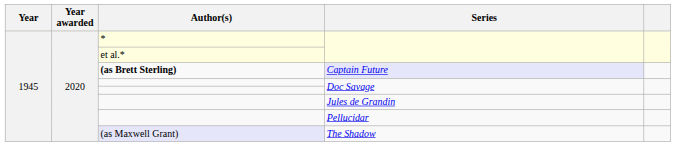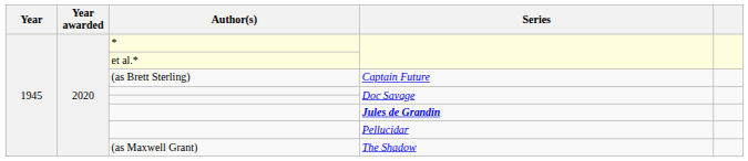 <table class="sortable wikitable" width="85%" cellpadding="5" style="margin: 1em auto 1em auto">
 <tr>
 <th width="7%" scope="col">Year</th>
 <th width="7%" scope="col">Year awarded</th>
 <th width="34%" scope="col">Author(s)</th>
 <th width="48%" scope="col">Series</th>
 <th width="4%" scope="col" class="unsortable"></th>
 </tr>
 <tr style="background:lightyellow;">
 <th scope="rowgroup" align="center" rowspan="8" style="font-weight:normal;">1945</th>
 <th align="center" rowspan="8" style="font-weight:normal;">2020</th>
 <td>*</td>
 <td rowspan="2"></td>
 <td rowspan="2" align="center"></td>
 </tr>
 <tr style="background:lightyellow;">
 <td> et al.*</td>
 </tr>
 <tr>
-<td><strong> (as Brett Sterling)</strong></td>
-<td style="background: lavender;"><em><a href='#'>Captain Future</a></em></td>
+<td> (as Brett Sterling)</td>
+<td><em><a href='#'>Captain Future</a></em></td>
 <td align="center"></td>
 </tr>
 <tr>
 <td></td>
 <td rowspan="2"><em><a href='#'>Doc Savage</a></em></td>
 <td rowspan="2" align="center"></td>
 </tr>
 <tr>
 <td></td>
 </tr>
 <tr>
 <td></td>
-<td><em><a href='#'>Jules de Grandin</a></em></td>
+<td><strong><em><a href='#'>Jules de Grandin</a></em></strong></td>
 <td align="center"></td>
 </tr>
 <tr>
 <td></td>
 <td><em><a href='#'>Pellucidar</a></em></td>
 <td align="center"></td>
 </tr>
 <tr>
-<td style="background: lavender;"> (as Maxwell Grant)</td>
+<td> (as Maxwell Grant)</td>
 <td><em><a href='#'>The Shadow</a></em></td>
 <td align="center"></td>
 </tr>
 </table>
